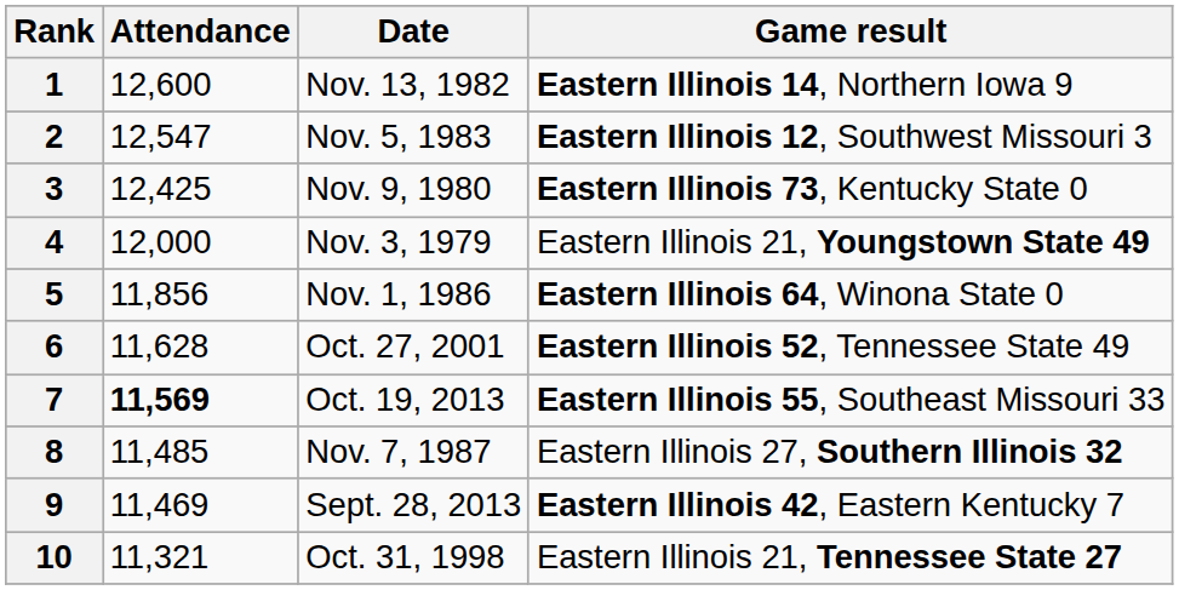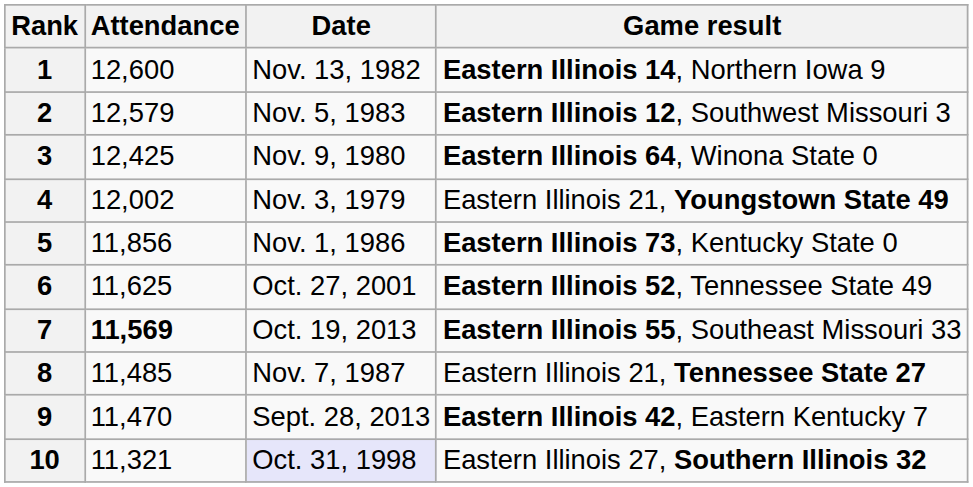 <table class="wikitable">
 <tr>
 <th>Rank</th>
 <th>Attendance</th>
 <th>Date</th>
 <th>Game result</th>
 </tr>
 <tr>
 <th>1</th>
 <td>12,600</td>
 <td>Nov. 13, 1982</td>
 <td><strong>Eastern Illinois 14</strong>, Northern Iowa 9</td>
 </tr>
 <tr>
 <th>2</th>
-<td>12,547</td>
+<td>12,579</td>
 <td>Nov. 5, 1983</td>
 <td><strong>Eastern Illinois 12</strong>, Southwest Missouri 3</td>
 </tr>
 <tr>
 <th>3</th>
 <td>12,425</td>
 <td>Nov. 9, 1980</td>
-<td><strong>Eastern Illinois 73</strong>, Kentucky State 0</td>
+<td><strong>Eastern Illinois 64</strong>, Winona State 0</td>
 </tr>
 <tr>
 <th>4</th>
-<td>12,000</td>
+<td>12,002</td>
 <td>Nov. 3, 1979</td>
 <td>Eastern Illinois 21, <strong>Youngstown State 49</strong></td>
 </tr>
 <tr>
 <th>5</th>
 <td>11,856</td>
 <td>Nov. 1, 1986</td>
-<td><strong>Eastern Illinois 64</strong>, Winona State 0</td>
+<td><strong>Eastern Illinois 73</strong>, Kentucky State 0</td>
 </tr>
 <tr>
 <th>6</th>
-<td>11,628</td>
+<td>11,625</td>
 <td>Oct. 27, 2001</td>
 <td><strong>Eastern Illinois 52</strong>, Tennessee State 49</td>
 </tr>
 <tr>
 <th>7</th>
 <td><strong>11,569</strong></td>
 <td>Oct. 19, 2013</td>
 <td><strong>Eastern Illinois 55</strong>, Southeast Missouri 33</td>
 </tr>
 <tr>
 <th>8</th>
 <td>11,485</td>
 <td>Nov. 7, 1987</td>
-<td>Eastern Illinois 27, <strong>Southern Illinois 32</strong></td>
+<td>Eastern Illinois 21, <strong>Tennessee State 27</strong></td>
 </tr>
 <tr>
 <th>9</th>
-<td>11,469</td>
+<td>11,470</td>
 <td>Sept. 28, 2013</td>
 <td><strong>Eastern Illinois 42</strong>, Eastern Kentucky 7</td>
 </tr>
 <tr>
 <th>10</th>
 <td>11,321</td>
-<td>Oct. 31, 1998</td>
-<td>Eastern Illinois 21, <strong>Tennessee State 27</strong></td>
+<td style="background: lavender;">Oct. 31, 1998</td>
+<td>Eastern Illinois 27, <strong>Southern Illinois 32</strong></td>
 </tr>
 </table>
